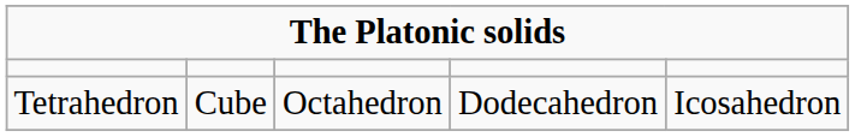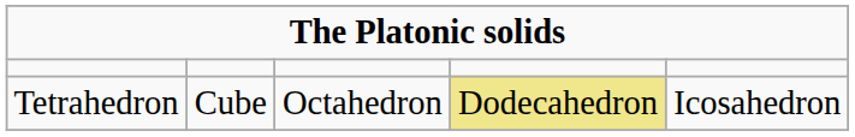 <table class="wikitable" style="margin: 1em auto 1em auto;">
 <tr>
 <td colspan=5 align=center><strong>The Platonic solids</strong></td>
 </tr>
 <tr>
 <td align=center></td>
 <td align=center></td>
 <td align=center></td>
 <td align=center></td>
 <td align=center></td>
 </tr>
 <tr align=center>
 <td>Tetrahedron</td>
 <td>Cube</td>
 <td>Octahedron</td>
-<td>Dodecahedron</td>
+<td style="background: khaki;">Dodecahedron</td>
 <td>Icosahedron</td>
 </tr>
 </table>
